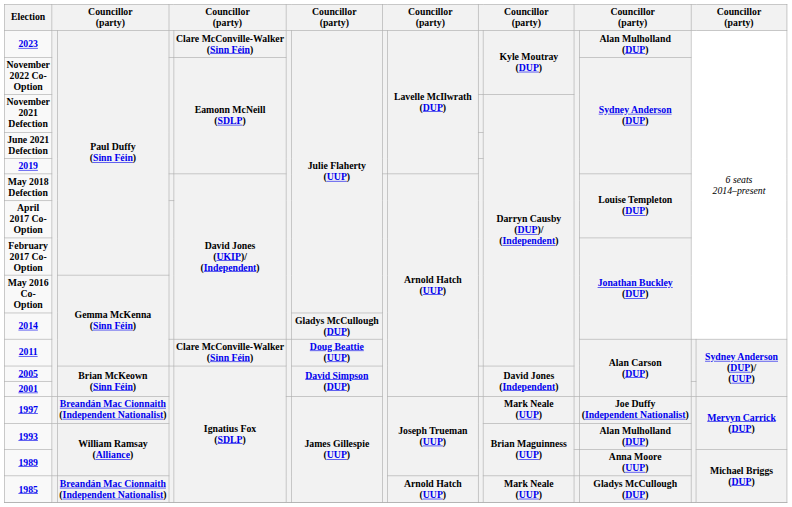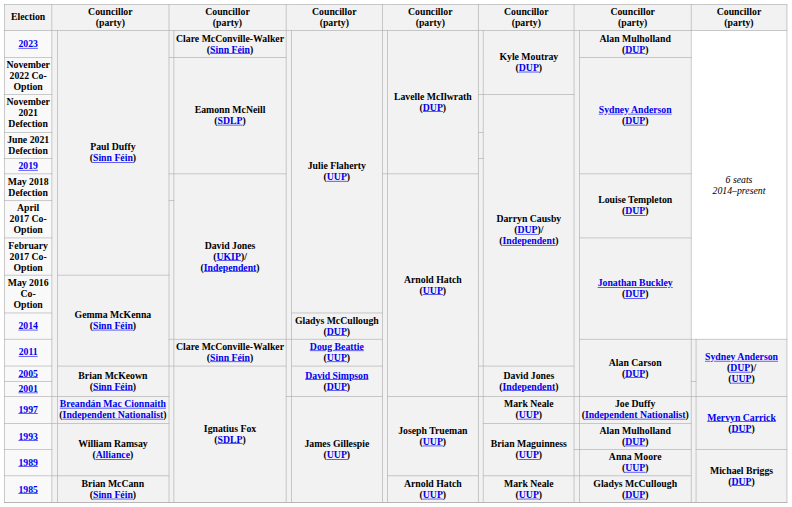 <table class="wikitable" style="text-align:center">
 <tr>
 <th scope="col" width="50">Election</th>
 <th scope="col" width="150" colspan = "2">Councillor<br> (party)</th>
 <th scope="col" width="150" colspan = "2">Councillor<br> (party)</th>
 <th scope="col" width="150" colspan = "2">Councillor<br> (party)</th>
 <th scope="col" width="150" colspan = "2">Councillor<br> (party)</th>
 <th scope="col" width="150" colspan = "2">Councillor<br> (party)</th>
 <th scope="col" width="150" colspan = "2">Councillor<br> (party)</th>
 <th scope="col" width="150" colspan = "2">Councillor<br> (party)</th>
 </tr>
 <tr>
 <td><strong><a href='#'>2023</a></strong></td>
 <th rowspan="13" width="1" style="background-color: "></th>
 <th rowspan = "8">Paul Duffy <br> (<a href='#'>Sinn Féin</a>)</th>
 <th rowspan="1" width="1" style="background-color: "></th>
 <th rowspan = "1">Clare McConville-Walker <br> (<a href='#'>Sinn Féin</a>)</th>
 <th rowspan="10" width="1" style="background-color: "></th>
 <th rowspan = "9">Julie Flaherty <br> (<a href='#'>UUP</a>)</th>
 <th rowspan="5" width="1" style="background-color: "></th>
 <th rowspan = "5">Lavelle McIlwrath <br> (<a href='#'>DUP</a>)</th>
 <th rowspan="2" width="1" style="background-color: "></th>
 <th rowspan = "2">Kyle Moutray <br> (<a href='#'>DUP</a>)</th>
 <th rowspan="13" width="1" style="background-color: "></th>
 <th rowspan = "1">Alan Mulholland <br> (<a href='#'>DUP</a>)</th>
 <td colspan="2" rowspan="10" style="background-color:#FFFFFF"><em>6 seats<br>2014–present</em></td>
 </tr>
 <tr>
 <td><strong>November 2022 Co-Option</strong></td>
 <th rowspan="4" width="1" style="background-color: "></th>
 <th rowspan = "4">Eamonn McNeill <br> (<a href='#'>SDLP</a>)</th>
 <th rowspan = "4"><a href='#'>Sydney Anderson</a> <br> (<a href='#'>DUP</a>)</th>
 </tr>
 <tr>
 <td><strong>November 2021 Defection</strong></td>
 <th rowspan="1" width="1" style="background-color: "></th>
 <th rowspan = "9">Darryn Causby <br> (<a href='#'>DUP</a>)/ <br> (<a href='#'>Independent</a>)</th>
 </tr>
 <tr>
 <td><strong>June 2021 Defection</strong></td>
 <th rowspan="1" width="1" style="background-color: "></th>
 </tr>
 <tr>
 <td><strong><a href='#'>2019</a></strong></td>
 <th rowspan="7" width="1" style="background-color: "></th>
 </tr>
 <tr>
 <td><strong>May 2018 Defection</strong></td>
 <th rowspan="1" width="1" style="background-color: "></th>
 <th rowspan = "5">David Jones <br> (<a href='#'>UKIP</a>)/ <br> (<a href='#'>Independent</a>)</th>
 <th rowspan="12" width="1" style="background-color: "></th>
 <th rowspan = "8">Arnold Hatch <br> (<a href='#'>UUP</a>)</th>
 <th rowspan = "2">Louise Templeton <br> (<a href='#'>DUP</a>)</th>
 </tr>
 <tr>
 <td><strong>April 2017 Co-Option</strong></td>
 <th rowspan="4" width="1" style="background-color: "></th>
 </tr>
 <tr>
 <td><strong>February 2017 Co-Option</strong></td>
 <th rowspan = "3"><a href='#'>Jonathan Buckley</a> <br> (<a href='#'>DUP</a>)</th>
 </tr>
 <tr>
 <td><strong>May 2016 Co-Option</strong></td>
 <th rowspan = "3">Gemma McKenna <br> (<a href='#'>Sinn Féin</a>)</th>
 </tr>
 <tr>
 <td><strong><a href='#'>2014</a></strong></td>
 <th rowspan = "1">Gladys McCullough <br> (<a href='#'>DUP</a>)</th>
 </tr>
 <tr>
 <td><strong><a href='#'>2011</a></strong></td>
 <th rowspan="1" width="1" style="background-color: "></th>
 <th rowspan = "1">Clare McConville-Walker <br> (<a href='#'>Sinn Féin</a>)</th>
 <th rowspan="3" width="1" style="background-color: "></th>
 <th rowspan = "1"><a href='#'>Doug Beattie</a> <br> (<a href='#'>UUP</a>)</th>
 <th rowspan = "3">Alan Carson <br> (<a href='#'>DUP</a>)</th>
 <th rowspan="2" width="1" style="background-color: "></th>
 <th rowspan = "3"><a href='#'>Sydney Anderson</a> <br> (<a href='#'>DUP</a>)/ <br> (<a href='#'>UUP</a>)</th>
 </tr>
 <tr>
 <td><strong><a href='#'>2005</a></strong></td>
 <th rowspan = "2">Brian McKeown <br> (<a href='#'>Sinn Féin</a>)</th>
 <th rowspan="6" width="1" style="background-color: "></th>
 <th rowspan = "6">Ignatius Fox <br> (<a href='#'>SDLP</a>)</th>
 <th rowspan = "2"><a href='#'>David Simpson</a> <br> (<a href='#'>DUP</a>)</th>
 <th rowspan="2" width="1" style="background-color: "></th>
 <th rowspan = "2">David Jones <br> (<a href='#'>Independent</a>)</th>
 </tr>
 <tr>
 <td><strong><a href='#'>2001</a></strong></td>
 <th rowspan="1" width="1" style="background-color: "></th>
 </tr>
 <tr>
 <td><strong><a href='#'>1997</a></strong></td>
 <th rowspan="1" width="1" style="background-color: "></th>
 <th rowspan = "1"><a href='#'>Breandán Mac Cionnaith</a> <br> (<a href='#'>Independent Nationalist</a>)</th>
 <th rowspan="4" width="1" style="background-color: "></th>
 <th rowspan = "4">James Gillespie <br> (<a href='#'>UUP</a>)</th>
 <th rowspan = "3">Joseph Trueman <br> (<a href='#'>UUP</a>)</th>
 <th rowspan="4" width="1" style="background-color: "></th>
 <th rowspan = "1">Mark Neale <br> (<a href='#'>UUP</a>)</th>
 <th rowspan="1" width="1" style="background-color: "></th>
 <th rowspan = "1">Joe Duffy <br> (<a href='#'>Independent Nationalist</a>)</th>
 <th rowspan="4" width="1" style="background-color: "></th>
 <th rowspan = "2"><a href='#'>Mervyn Carrick</a> <br> (<a href='#'>DUP</a>)</th>
 </tr>
 <tr>
 <td><strong><a href='#'>1993</a></strong></td>
 <th rowspan="2" width="1" style="background-color: "></th>
 <th rowspan = "2">William Ramsay <br> (<a href='#'>Alliance</a>)</th>
 <th rowspan = "2">Brian Maguinness <br> (<a href='#'>UUP</a>)</th>
 <th rowspan="1" width="1" style="background-color: "></th>
 <th rowspan = "1">Alan Mulholland <br> (<a href='#'>DUP</a>)</th>
 </tr>
 <tr>
 <td><strong><a href='#'>1989</a></strong></td>
 <th rowspan="1" width="1" style="background-color: "></th>
 <th rowspan = "1">Anna Moore <br> (<a href='#'>UUP</a>)</th>
 <th rowspan = "2">Michael Briggs <br> (<a href='#'>DUP</a>)</th>
 </tr>
 <tr>
 <td><strong><a href='#'>1985</a></strong></td>
 <th rowspan="1" width="1" style="background-color: "></th>
-<th rowspan = "1"><a href='#'>Breandán Mac Cionnaith</a> <br> (<a href='#'>Independent Nationalist</a>)</th>
+<th rowspan = "1">Brian McCann <br> (<a href='#'>Sinn Féin</a>)</th>
 <th rowspan = "1">Arnold Hatch <br> (<a href='#'>UUP</a>)</th>
 <th rowspan = "1">Mark Neale <br> (<a href='#'>UUP</a>)</th>
 <th rowspan="1" width="1" style="background-color: "></th>
 <th rowspan = "1">Gladys McCullough <br> (<a href='#'>DUP</a>)</th>
 </tr>
 <tr>
 </tr>
 </table>
